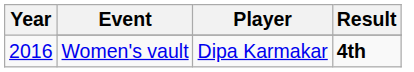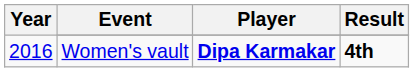 <table class="wikitable">
 <tr>
 <th>Year</th>
 <th>Event</th>
 <th>Player</th>
 <th>Result</th>
 </tr>
 <tr>
 <td rowspan = "2"><a href='#'>2016</a></td>
 </tr>
 <tr>
 <td><a href='#'>Women's vault</a></td>
-<td><a href='#'>Dipa Karmakar</a></td>
+<td><strong><a href='#'>Dipa Karmakar</a></strong></td>
 <td><strong>4th</strong></td>
 </tr>
 </table>
